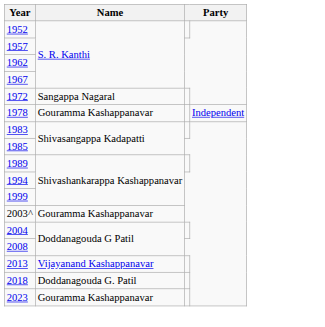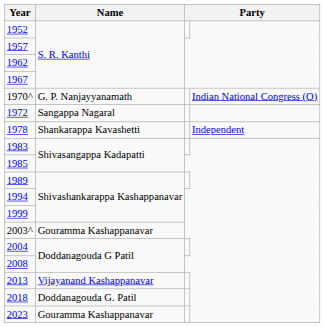 <table class="wikitable">
 <tr>
 <th>Year</th>
 <th>Name</th>
 <th colspan="2">Party</th>
 </tr>
 <tr>
 <td><a href='#'>1952</a></td>
 <td rowspan="4"><a href='#'>S. R. Kanthi</a></td>
 <td></td>
 </tr>
 <tr>
 <td><a href='#'>1957</a></td>
 </tr>
 <tr>
 <td><a href='#'>1962</a></td>
 </tr>
 <tr>
 <td><a href='#'>1967</a></td>
 </tr>
 <tr>
+<td>1970^</td>
+<td>G. P. Nanjayyanamath</td>
+<td style="background-color: "></td>
+<td><a href='#'>Indian National Congress (O)</a></td>
+</tr>
+<tr>
 <td><a href='#'>1972</a></td>
 <td>Sangappa Nagaral</td>
 <td></td>
 </tr>
 <tr>
 <td><a href='#'>1978</a></td>
-<td>Gouramma Kashappanavar</td>
+<td>Shankarappa Kavashetti</td>
 <td style="background-color: "></td>
 <td><a href='#'>Independent</a></td>
 </tr>
 <tr>
 <td><a href='#'>1983</a></td>
 <td rowspan="2">Shivasangappa Kadapatti</td>
 <td></td>
 </tr>
 <tr>
 <td><a href='#'>1985</a></td>
 </tr>
 <tr>
 <td><a href='#'>1989</a></td>
 <td rowspan="3">Shivashankarappa Kashappanavar</td>
 <td></td>
 </tr>
 <tr>
 <td><a href='#'>1994</a></td>
 </tr>
 <tr>
 <td><a href='#'>1999</a></td>
 </tr>
 <tr>
 <td>2003^</td>
 <td>Gouramma Kashappanavar</td>
 </tr>
 <tr>
 <td><a href='#'>2004</a></td>
 <td rowspan="2">Doddanagouda G Patil</td>
 <td></td>
 </tr>
 <tr>
 <td><a href='#'>2008</a></td>
 </tr>
 <tr>
 <td><a href='#'>2013</a></td>
 <td><a href='#'>Vijayanand Kashappanavar</a></td>
 <td></td>
 </tr>
 <tr>
 <td><a href='#'>2018</a></td>
 <td>Doddanagouda G. Patil</td>
 <td></td>
 </tr>
 <tr>
 <td><a href='#'>2023</a></td>
 <td>Gouramma Kashappanavar</td>
 <td></td>
 </tr>
 </table>
